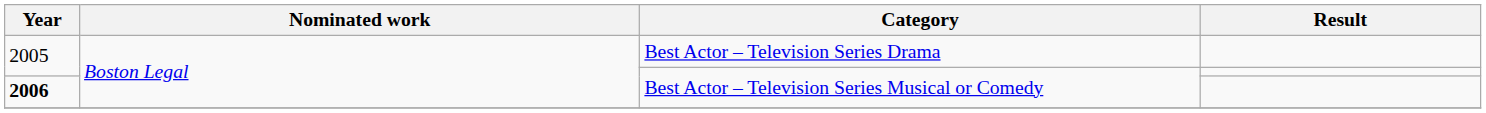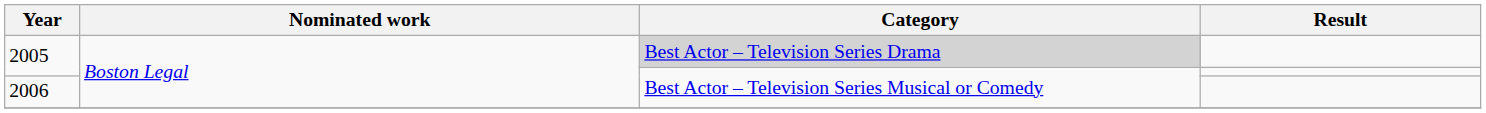 <table width="95%" class="wikitable sortable">
 <tr>
 <th width="2%">Year</th>
 <th width="20%">Nominated work</th>
 <th width="20%">Category</th>
 <th width="10%">Result</th>
 </tr>
 <tr>
 <td rowspan="2">2005</td>
 <td rowspan="3"><em><a href='#'>Boston Legal</a></em></td>
-<td><a href='#'>Best Actor – Television Series Drama</a></td>
+<td style="background: lightgrey;"><a href='#'>Best Actor – Television Series Drama</a></td>
 <td></td>
 </tr>
 <tr>
 <td rowspan="2"><a href='#'>Best Actor – Television Series Musical or Comedy</a></td>
 <td></td>
 </tr>
 <tr>
-<td><strong>2006</strong></td>
+<td>2006</td>
 <td></td>
 </tr>
 <tr>
 </tr>
 </table>
